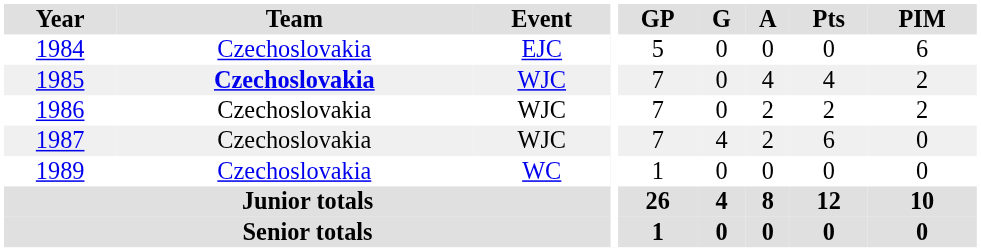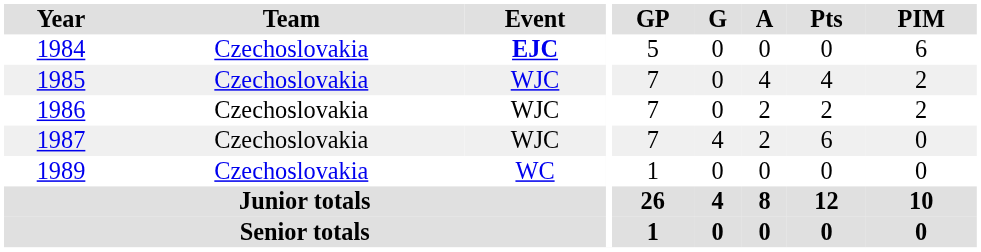 <table border="0" cellpadding="1" cellspacing="0" ID="Table3" style="text-align:center; width:40em">
 <tr bgcolor="#e0e0e0">
 <th>Year</th>
 <th>Team</th>
 <th>Event</th>
 <th rowspan="102" bgcolor="#ffffff"></th>
 <th>GP</th>
 <th>G</th>
 <th>A</th>
 <th>Pts</th>
 <th>PIM</th>
 </tr>
 <tr>
 <td><a href='#'>1984</a></td>
 <td><a href='#'>Czechoslovakia</a></td>
-<td><a href='#'>EJC</a></td>
+<td><strong><a href='#'>EJC</a></strong></td>
 <td>5</td>
 <td>0</td>
 <td>0</td>
 <td>0</td>
 <td>6</td>
 </tr>
 <tr bgcolor="#f0f0f0">
 <td><a href='#'>1985</a></td>
-<td><strong><a href='#'>Czechoslovakia</a></strong></td>
+<td><a href='#'>Czechoslovakia</a></td>
 <td><a href='#'>WJC</a></td>
 <td>7</td>
 <td>0</td>
 <td>4</td>
 <td>4</td>
 <td>2</td>
 </tr>
 <tr>
 <td><a href='#'>1986</a></td>
 <td>Czechoslovakia</td>
 <td>WJC</td>
 <td>7</td>
 <td>0</td>
 <td>2</td>
 <td>2</td>
 <td>2</td>
 </tr>
 <tr bgcolor="#f0f0f0">
 <td><a href='#'>1987</a></td>
 <td>Czechoslovakia</td>
 <td>WJC</td>
 <td>7</td>
 <td>4</td>
 <td>2</td>
 <td>6</td>
 <td>0</td>
 </tr>
 <tr>
 <td><a href='#'>1989</a></td>
 <td><a href='#'>Czechoslovakia</a></td>
 <td><a href='#'>WC</a></td>
 <td>1</td>
 <td>0</td>
 <td>0</td>
 <td>0</td>
 <td>0</td>
 </tr>
 <tr bgcolor="#e0e0e0">
 <th colspan=3>Junior totals</th>
 <th>26</th>
 <th>4</th>
 <th>8</th>
 <th>12</th>
 <th>10</th>
 </tr>
 <tr bgcolor="#e0e0e0">
 <th colspan=3>Senior totals</th>
 <th>1</th>
 <th>0</th>
 <th>0</th>
 <th>0</th>
 <th>0</th>
 </tr>
 </table>
